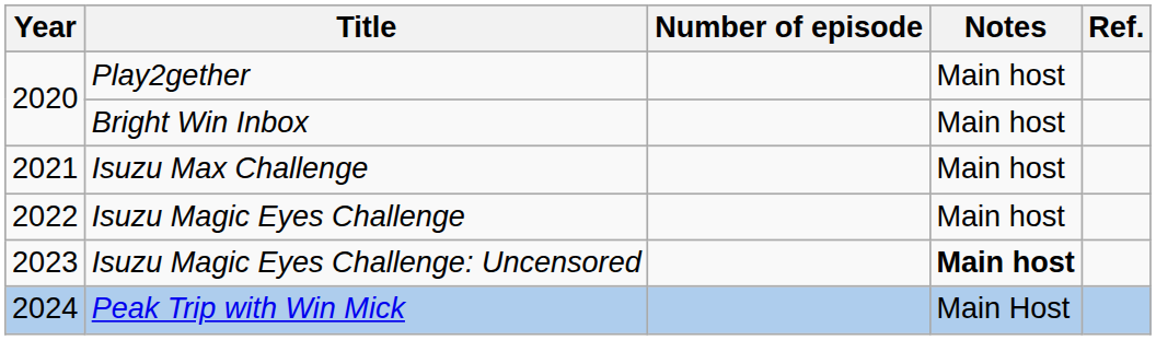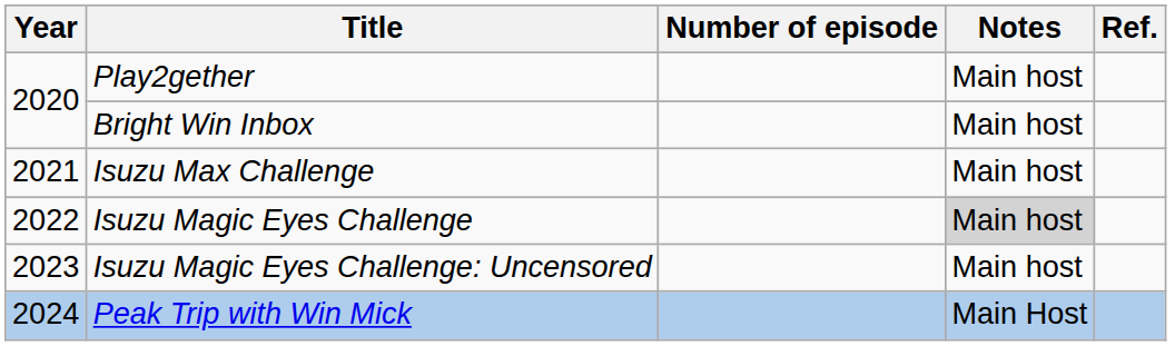 <table class="wikitable">
 <tr>
 <th>Year</th>
 <th>Title</th>
 <th>Number of episode</th>
 <th>Notes</th>
 <th>Ref.</th>
 </tr>
 <tr>
 <td rowspan="2">2020</td>
 <td><em>Play2gether</em></td>
 <td></td>
 <td>Main host</td>
 <td></td>
 </tr>
 <tr>
 <td><em>Bright Win Inbox</em></td>
 <td></td>
 <td>Main host</td>
 <td></td>
 </tr>
 <tr>
 <td>2021</td>
 <td><em>Isuzu Max Challenge</em></td>
 <td></td>
 <td>Main host</td>
 <td></td>
 </tr>
 <tr>
 <td>2022</td>
 <td><em>Isuzu Magic Eyes Challenge</em></td>
 <td></td>
-<td>Main host</td>
+<td style="background: lightgrey;">Main host</td>
 <td></td>
 </tr>
 <tr>
 <td>2023</td>
 <td><em>Isuzu Magic Eyes Challenge: Uncensored</em></td>
 <td></td>
-<td><strong>Main host</strong></td>
+<td>Main host</td>
 <td></td>
 </tr>
 <tr>
 <td style="background-color:#aecded;">2024</td>
 <td style="background-color:#aecded;"><em><a href='#'>Peak Trip with Win Mick</a></em></td>
 <td style="background-color:#aecded;"></td>
 <td style="background-color:#aecded;">Main Host</td>
 <td style="background-color:#aecded;"></td>
 </tr>
 </table>
